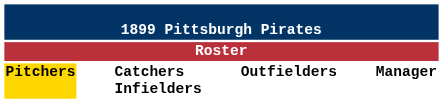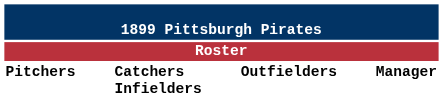 <table class="toccolours" style="font-size: 95%;">
 <tr>
 <th colspan="10" style="background-color: #023465; color: #FFFFFF; text-align: center;"><br>1899 Pittsburgh Pirates</th>
 </tr>
 <tr>
 <td colspan="10" style="background-color: #ba313c; color: white; text-align: center;"><strong>Roster</strong></td>
 </tr>
 <tr>
-<td valign="top" style="background: gold;"><strong>Pitchers</strong><br>         </td>
+<td valign="top"><strong>Pitchers</strong><br>         </td>
 <td width="25px"></td>
 <td valign="top"><strong>Catchers</strong><br>  <strong>Infielders</strong>         </td>
 <td width="25px"></td>
 <td valign="top"><strong>Outfielders</strong><br>   </td>
 <td width="25px"></td>
 <td valign="top"><strong>Manager</strong><br></td>
 </tr>
 </table>
